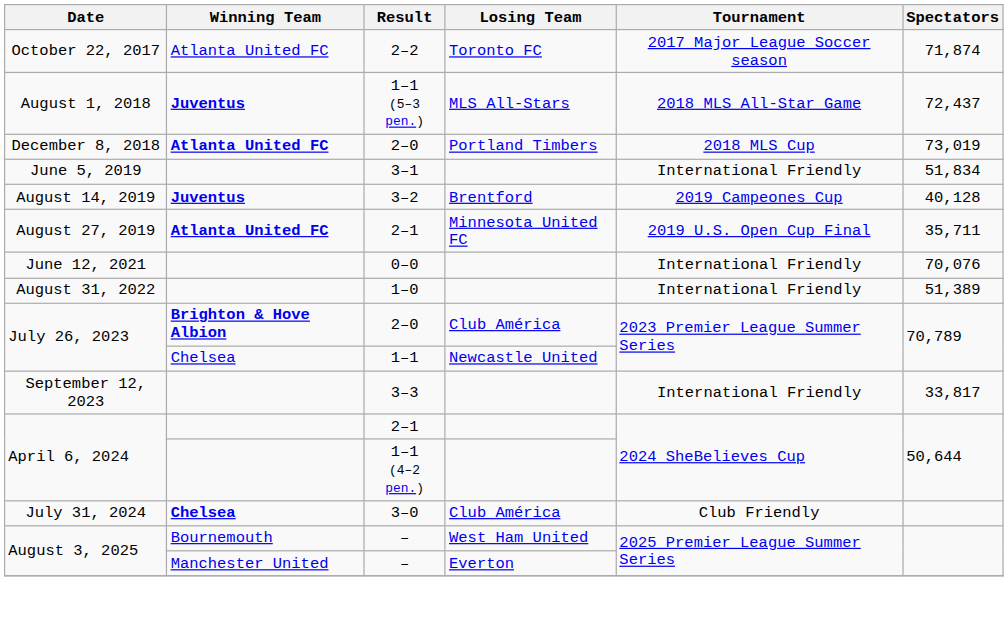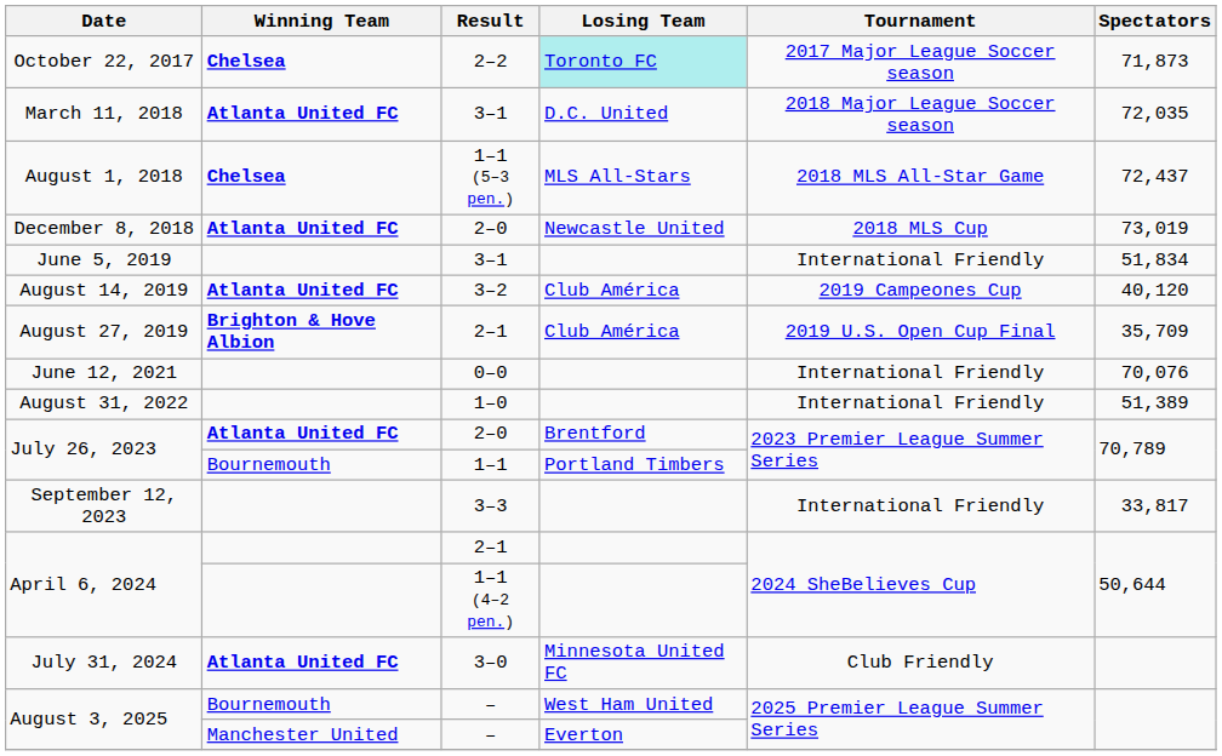 <table class="wikitable unsortable" style="text-align:left; width:95%;" style="text-align:center">
 <tr>
 <th style="text-align:center">Date</th>
 <th style="text-align:center">Winning Team</th>
 <th style="text-align:center">Result</th>
 <th style="text-align:center">Losing Team</th>
 <th style="text-align:center">Tournament</th>
 <th style="text-align:center">Spectators</th>
 </tr>
 <tr>
 <td style="text-align:center;">October 22, 2017</td>
-<td><strong></strong> <a href='#'>Atlanta United FC</a></td>
+<td> <strong><a href='#'>Chelsea</a></strong></td>
 <td style="text-align:center;">2–2</td>
-<td> <a href='#'>Toronto FC</a></td>
+<td style="background: paleturquoise;"> <a href='#'>Toronto FC</a></td>
 <td style="text-align:center;"><a href='#'>2017 Major League Soccer season</a></td>
-<td style="text-align:center;">71,874</td>
+<td style="text-align:center;">71,873</td>
+</tr>
+<tr>
+<td style="text-align:center;">March 11, 2018</td>
+<td><strong> <a href='#'>Atlanta United FC</a></strong></td>
+<td style="text-align:center;">3–1</td>
+<td> <a href='#'>D.C. United</a></td>
+<td style="text-align:center;"><a href='#'>2018 Major League Soccer season</a></td>
+<td style="text-align:center;">72,035</td>
 </tr>
 <tr>
 <td style="text-align:center;">August 1, 2018</td>
-<td> <strong><a href='#'>Juventus</a></strong></td>
+<td> <strong><a href='#'>Chelsea</a></strong></td>
 <td style="text-align:center;">1–1<br> <small>(5–3 <a href='#'>pen.</a>)</small></td>
 <td>  <a href='#'>MLS All-Stars</a></td>
 <td style="text-align:center;"><a href='#'>2018 MLS All-Star Game</a></td>
 <td style="text-align:center;">72,437</td>
 </tr>
 <tr>
 <td style="text-align:center;">December 8, 2018</td>
 <td><strong> <a href='#'>Atlanta United FC</a></strong></td>
 <td style="text-align:center;">2–0</td>
-<td> <a href='#'>Portland Timbers</a></td>
+<td> <a href='#'>Newcastle United</a></td>
 <td style="text-align:center;"><a href='#'>2018 MLS Cup</a></td>
 <td style="text-align:center;">73,019</td>
 </tr>
 <tr>
 <td style="text-align:center;">June 5, 2019</td>
 <td><strong></strong></td>
 <td style="text-align:center;">3–1</td>
 <td></td>
 <td style="text-align:center;">International Friendly</td>
 <td style="text-align:center;">51,834</td>
 </tr>
 <tr>
 <td style="text-align:center;">August 14, 2019</td>
-<td> <strong><a href='#'>Juventus</a></strong></td>
+<td><strong> <a href='#'>Atlanta United FC</a></strong></td>
 <td style="text-align:center;">3–2</td>
-<td> <a href='#'>Brentford</a></td>
+<td> <a href='#'>Club América</a></td>
 <td style="text-align:center;"><a href='#'>2019 Campeones Cup</a></td>
-<td style="text-align:center;">40,128</td>
+<td style="text-align:center;">40,120</td>
 </tr>
 <tr>
 <td style="text-align:center;">August 27, 2019</td>
-<td><strong> <a href='#'>Atlanta United FC</a></strong></td>
+<td> <strong><a href='#'>Brighton & Hove Albion</a></strong></td>
 <td style="text-align:center;">2–1</td>
-<td> <a href='#'>Minnesota United FC</a></td>
+<td> <a href='#'>Club América</a></td>
 <td style="text-align:center;"><a href='#'>2019 U.S. Open Cup Final</a></td>
-<td style="text-align:center;">35,711</td>
+<td style="text-align:center;">35,709</td>
 </tr>
 <tr>
 <td style="text-align:center;">June 12, 2021</td>
 <td></td>
 <td style="text-align:center;">0–0</td>
 <td></td>
 <td style="text-align:center;">International Friendly</td>
 <td style="text-align:center;">70,076</td>
 </tr>
 <tr>
 <td style="text-align:center;">August 31, 2022</td>
 <td><strong></strong></td>
 <td style="text-align:center;">1–0</td>
 <td></td>
 <td style="text-align:center;">International Friendly</td>
 <td style="text-align:center;">51,389</td>
 </tr>
 <tr>
 <td rowspan ="2">July 26, 2023</td>
-<td> <strong><a href='#'>Brighton & Hove Albion</a></strong></td>
+<td><strong> <a href='#'>Atlanta United FC</a></strong></td>
 <td style="text-align:center;">2–0</td>
-<td> <a href='#'>Club América</a></td>
+<td> <a href='#'>Brentford</a></td>
 <td rowspan="2"><a href='#'>2023 Premier League Summer Series</a></td>
 <td rowspan= "2">70,789</td>
 </tr>
 <tr>
-<td> <a href='#'>Chelsea</a></td>
+<td> <a href='#'>Bournemouth</a></td>
 <td style="text-align:center;">1–1</td>
-<td> <a href='#'>Newcastle United</a></td>
+<td> <a href='#'>Portland Timbers</a></td>
 </tr>
 <tr>
 <td style="text-align:center;">September 12, 2023</td>
 <td></td>
 <td style="text-align:center;">3–3</td>
 <td></td>
 <td style="text-align:center;">International Friendly</td>
 <td style="text-align:center;">33,817</td>
 </tr>
 <tr>
 <td rowspan=2>April 6, 2024</td>
 <td><strong></strong></td>
 <td style="text-align:center;">2–1</td>
 <td></td>
 <td rowspan=2><a href='#'>2024 SheBelieves Cup</a></td>
 <td rowspan=2>50,644</td>
 </tr>
 <tr>
 <td><strong></strong></td>
 <td style="text-align:center;">1–1<br> <small>(4–2 <a href='#'>pen.</a>)</small></td>
 <td></td>
 </tr>
 <tr>
 <td style="text-align:center;">July 31, 2024</td>
-<td> <strong><a href='#'>Chelsea</a></strong></td>
+<td><strong> <a href='#'>Atlanta United FC</a></strong></td>
 <td style="text-align:center;">3–0</td>
-<td> <a href='#'>Club América</a></td>
+<td> <a href='#'>Minnesota United FC</a></td>
 <td style="text-align:center;">Club Friendly</td>
 <td style="text-align:center;"></td>
 </tr>
 <tr>
 <td rowspan ="2">August 3, 2025</td>
 <td> <a href='#'>Bournemouth</a></td>
 <td style="text-align:center;">–</td>
 <td> <a href='#'>West Ham United</a></td>
 <td rowspan="2"><a href='#'>2025 Premier League Summer Series</a></td>
 <td rowspan= "2"></td>
 </tr>
 <tr>
 <td> <a href='#'>Manchester United</a></td>
 <td style="text-align:center;">–</td>
 <td> <a href='#'>Everton</a></td>
 </tr>
 <tr>
 </tr>
 </table>
